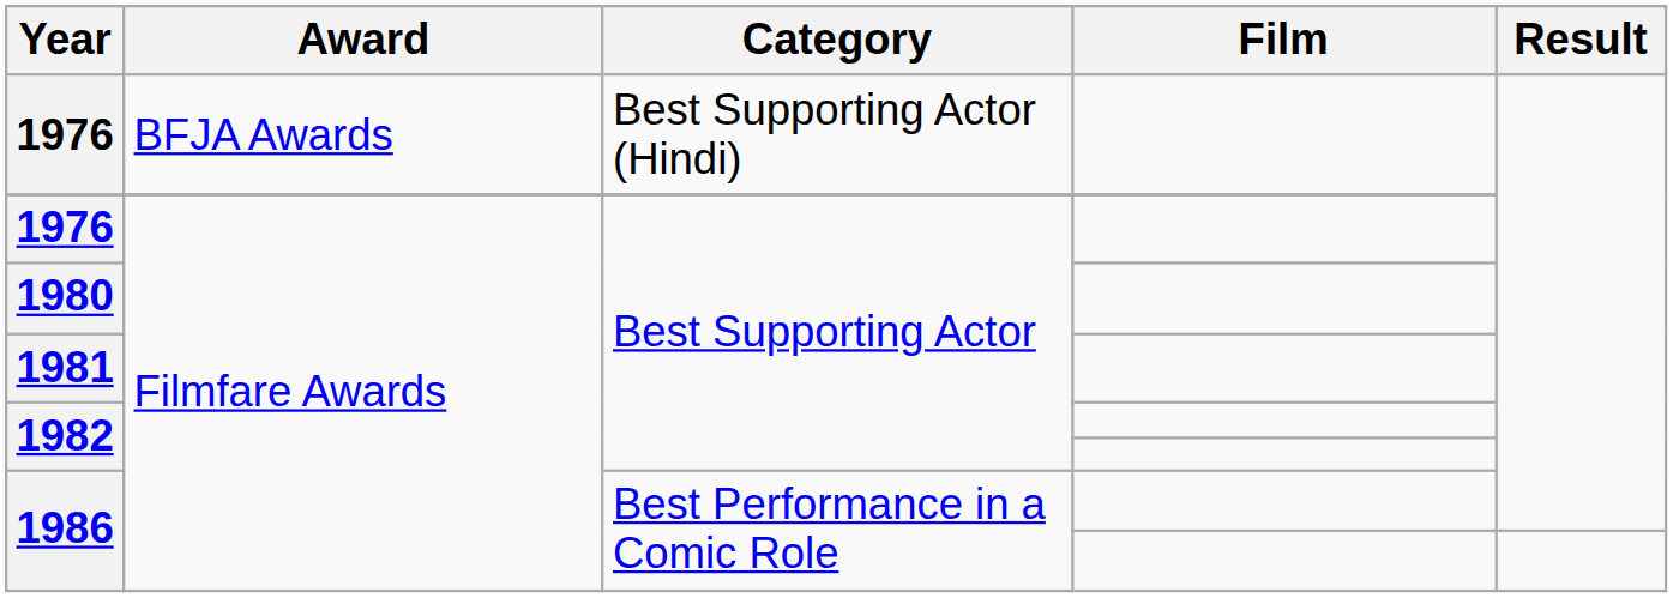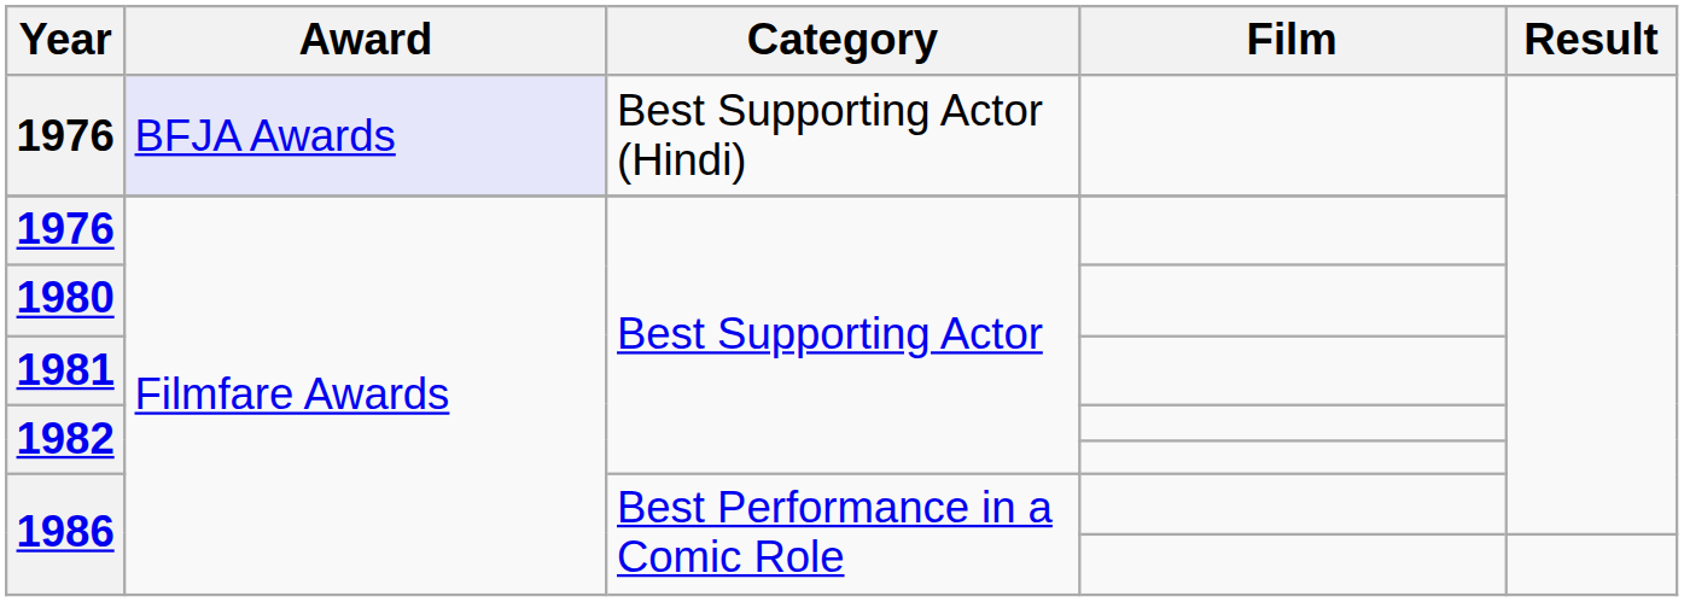 <table class="wikitable">
 <tr>
 <th scope="col" style="width:1em;">Year</th>
 <th scope="col" style="width:39em;">Award</th>
 <th scope="col" style="width:29em;">Category</th>
 <th scope="col" style="width:39em;">Film</th>
 <th scope="col" style="width:5em;">Result</th>
 </tr>
 <tr>
 <th>1976</th>
-<td><a href='#'>BFJA Awards</a></td>
+<td style="background: lavender;"><a href='#'>BFJA Awards</a></td>
 <td>Best Supporting Actor (Hindi)</td>
 <td></td>
 <td rowspan="8"></td>
 </tr>
 <tr>
 </tr>
 <tr>
 <th><a href='#'>1976</a></th>
 <td rowspan="7"><a href='#'>Filmfare Awards</a></td>
 <td rowspan="5"><a href='#'>Best Supporting Actor</a></td>
 <td></td>
 </tr>
 <tr>
 <th><a href='#'>1980</a></th>
 <td></td>
 </tr>
 <tr>
 <th><a href='#'>1981</a></th>
 <td></td>
 </tr>
 <tr>
 <th rowspan="2"><a href='#'>1982</a></th>
 <td></td>
 </tr>
 <tr>
 <td></td>
 </tr>
 <tr>
 <th rowspan="2"><a href='#'>1986</a></th>
 <td rowspan="2"><a href='#'>Best Performance in a Comic Role</a></td>
 <td></td>
 </tr>
 <tr>
 <td></td>
 </tr>
 </table>
